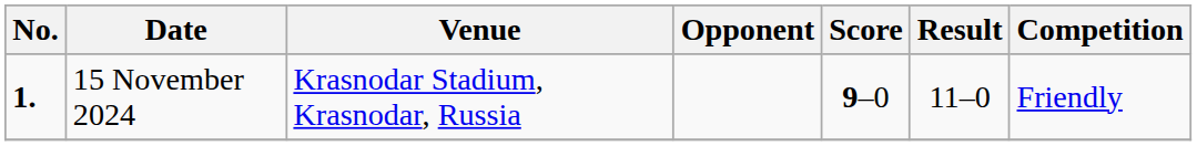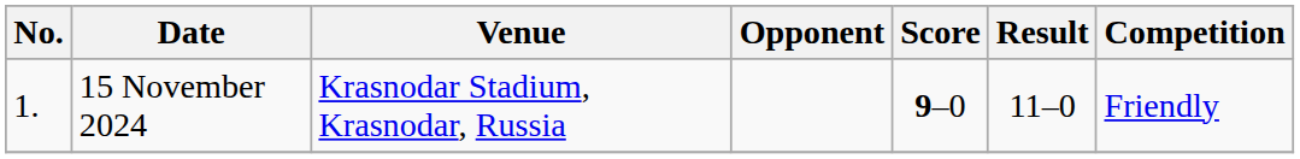 <table class="wikitable">
 <tr>
 <th>No.</th>
 <th>Date</th>
 <th>Venue</th>
 <th>Opponent</th>
 <th>Score</th>
 <th>Result</th>
 <th>Competition</th>
 </tr>
 <tr>
-<td><strong>1.</strong></td>
+<td>1.</td>
 <td>15 November 2024</td>
 <td><a href='#'>Krasnodar Stadium</a>, <a href='#'>Krasnodar</a>, <a href='#'>Russia</a></td>
 <td></td>
 <td align=center><strong>9</strong>–0</td>
 <td align=center>11–0</td>
 <td><a href='#'>Friendly</a></td>
 </tr>
 <tr>
 </tr>
 </table>
